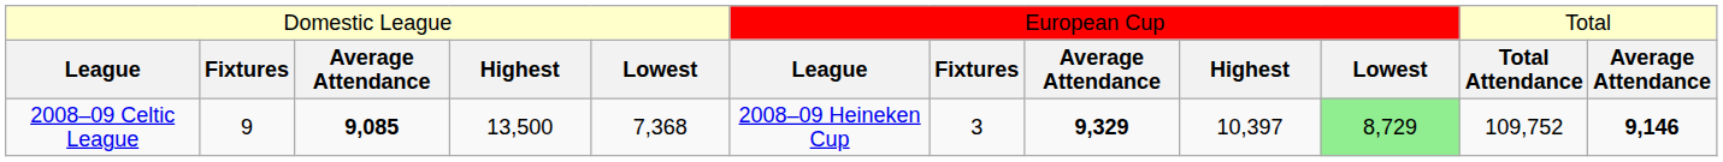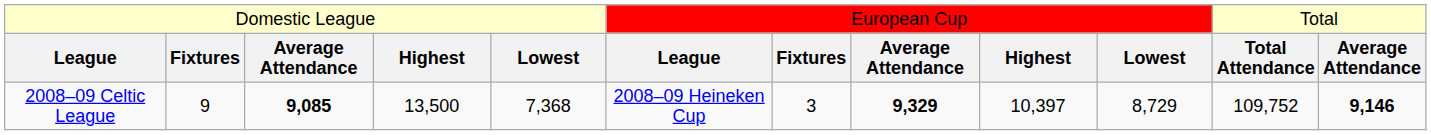 <table class="wikitable sortable" style="font-size:90%; width:90%;">
 <tr>
 <td colspan="5" class="wikitable sortable" style="width:45%; background:#ffffcc; text-align:center;"><span>Domestic League</span></td>
 <td colspan="5" class="wikitable sortable" style="width:45%; background:#f00; text-align:center;"><span>European Cup</span></td>
 <td colspan="2" class="wikitable sortable" style="width:45%; background:#ffffcc; text-align:center;"><span>Total</span></td>
 </tr>
 <tr>
 <th style="width:15%;">League</th>
 <th style="width:5%;">Fixtures</th>
 <th style="width:10%;">Average Attendance</th>
 <th style="width:10%;">Highest</th>
 <th style="width:10%;">Lowest</th>
 <th style="width:15%;">League</th>
 <th style="width:5%;">Fixtures</th>
 <th style="width:10%;">Average Attendance</th>
 <th style="width:10%;">Highest</th>
 <th style="width:10%;">Lowest</th>
 <th style="width:10%;">Total Attendance</th>
 <th style="width:10%;">Average Attendance</th>
 </tr>
 <tr>
 <td align=center><a href='#'>2008–09 Celtic League</a></td>
 <td align=center>9</td>
 <td align=center><strong>9,085</strong></td>
 <td align=center>13,500</td>
 <td align=center>7,368</td>
 <td align=center><a href='#'>2008–09 Heineken Cup</a></td>
 <td align=center>3</td>
 <td align=center><strong>9,329</strong></td>
 <td align=center>10,397</td>
-<td align=center style="background: lightgreen;">8,729</td>
+<td align=center>8,729</td>
 <td align=center>109,752</td>
 <td align=center><strong>9,146</strong></td>
 </tr>
 </table>
